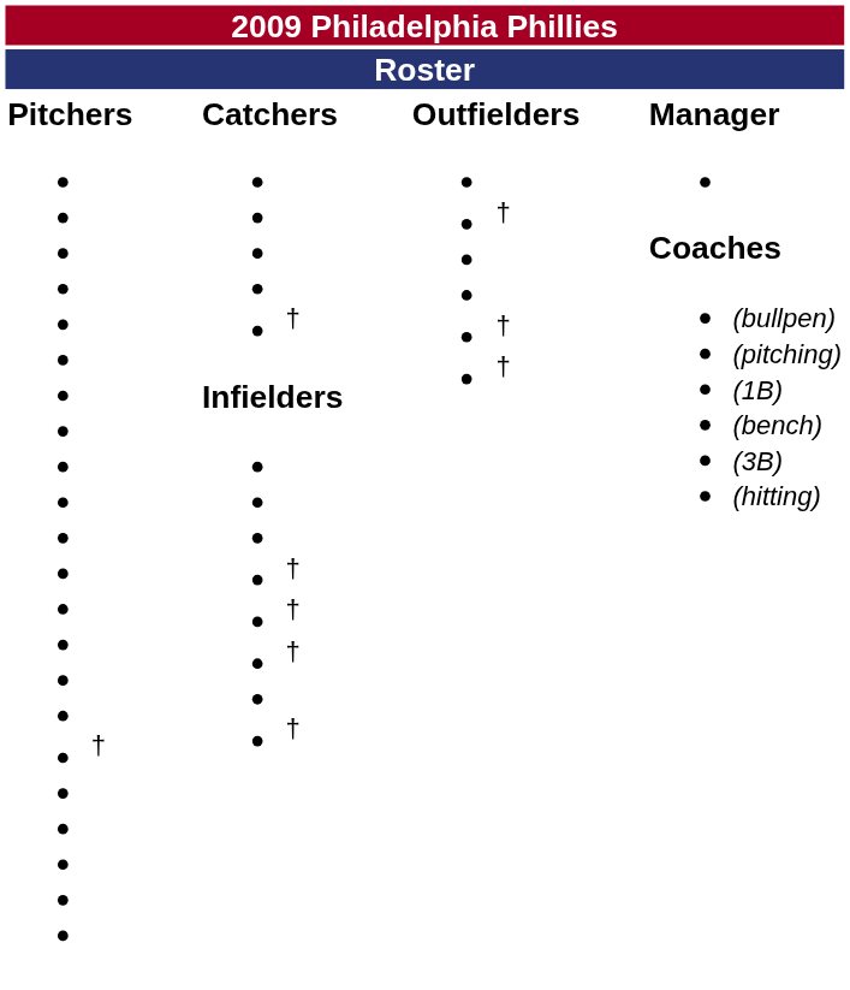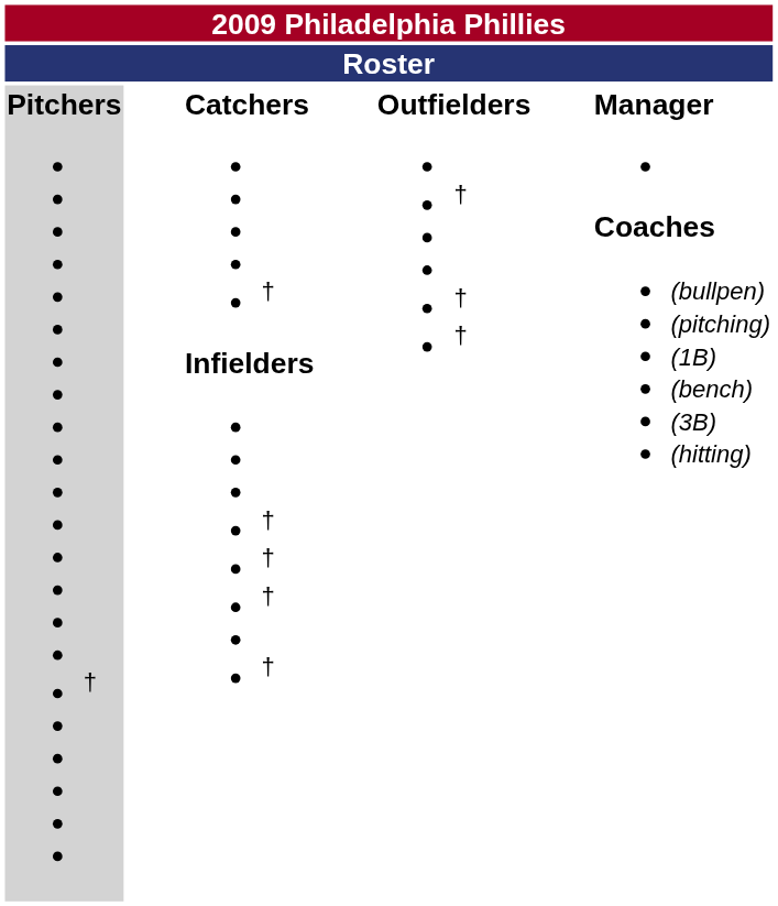 <table class="toccolours" style="font-size: 95%;">
 <tr>
 <th colspan="10" style="background-color: #A50024; color: #FFFFFF; text-align: center;"><strong>2009 Philadelphia Phillies</strong></th>
 </tr>
 <tr>
 <td colspan="7" style="background-color: #263473; color: white; text-align: center;"><strong>Roster</strong></td>
 </tr>
 <tr>
-<td valign="top"><strong>Pitchers</strong><br><ul><li></li><li></li><li></li><li></li><li></li><li></li><li></li><li></li><li></li><li></li><li></li><li></li><li></li><li></li><li></li><li></li><li><sup>†</sup></li><li></li><li></li><li></li><li></li><li></li></ul></td>
+<td valign="top" style="background: lightgrey;"><strong>Pitchers</strong><br><ul><li></li><li></li><li></li><li></li><li></li><li></li><li></li><li></li><li></li><li></li><li></li><li></li><li></li><li></li><li></li><li></li><li><sup>†</sup></li><li></li><li></li><li></li><li></li><li></li></ul></td>
 <td width="25px"></td>
 <td valign="top"><strong>Catchers</strong><br><ul><li></li><li></li><li></li><li></li><li><sup>†</sup></li></ul><strong>Infielders</strong><ul><li></li><li></li><li></li><li><sup>†</sup></li><li><sup>†</sup></li><li><sup>†</sup></li><li></li><li><sup>†</sup></li></ul></td>
 <td width="25px"></td>
 <td valign="top"><strong>Outfielders</strong><br><ul><li></li><li><sup>†</sup></li><li></li><li></li><li><sup>†</sup></li><li><sup>†</sup></li></ul></td>
 <td width="25px"></td>
 <td valign="top"><strong>Manager</strong><br><ul><li></li></ul><strong>Coaches</strong><ul><li> <small><em>(bullpen)</em></small></li><li> <small><em>(pitching)</em></small></li><li> <small><em>(1B)</em></small></li><li> <small><em>(bench)</em></small></li><li>  <small><em>(3B)</em></small></li><li> <small><em>(hitting)</em></small></li></ul></td>
 </tr>
 <tr>
 </tr>
 </table>
